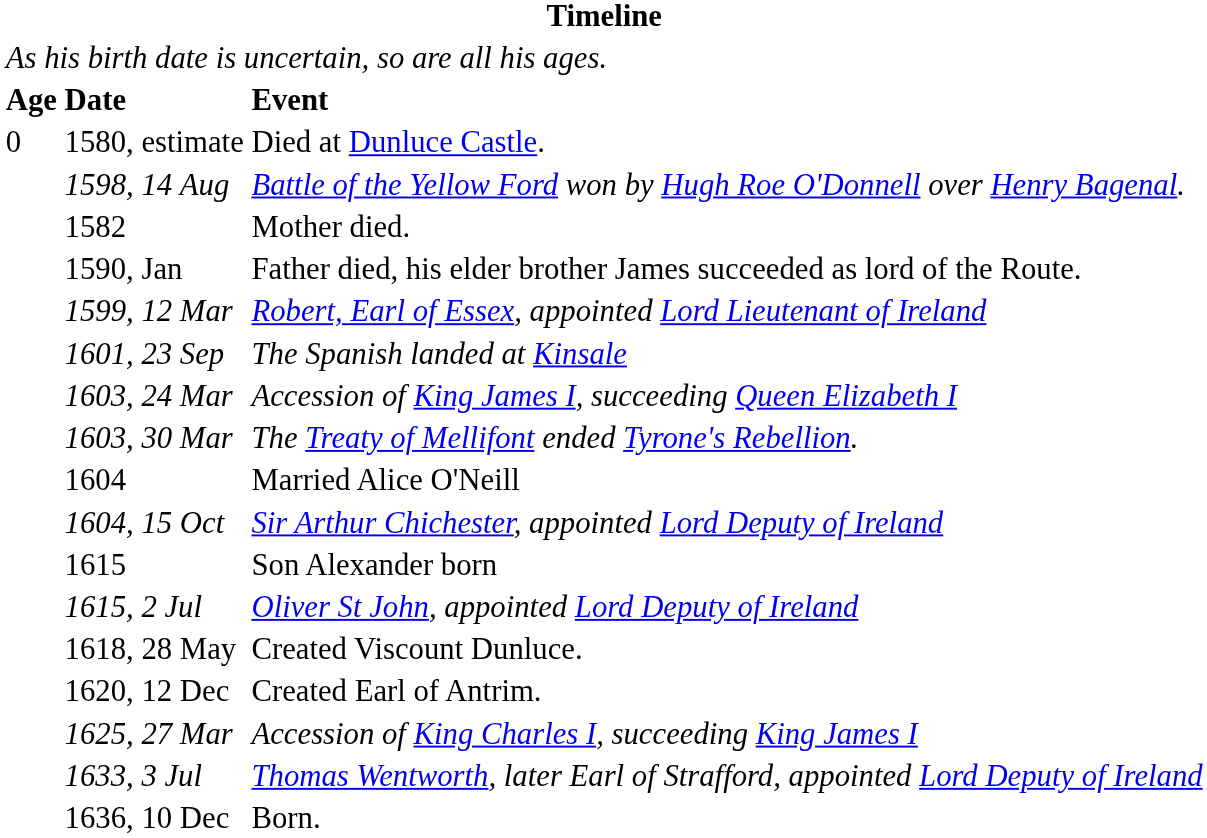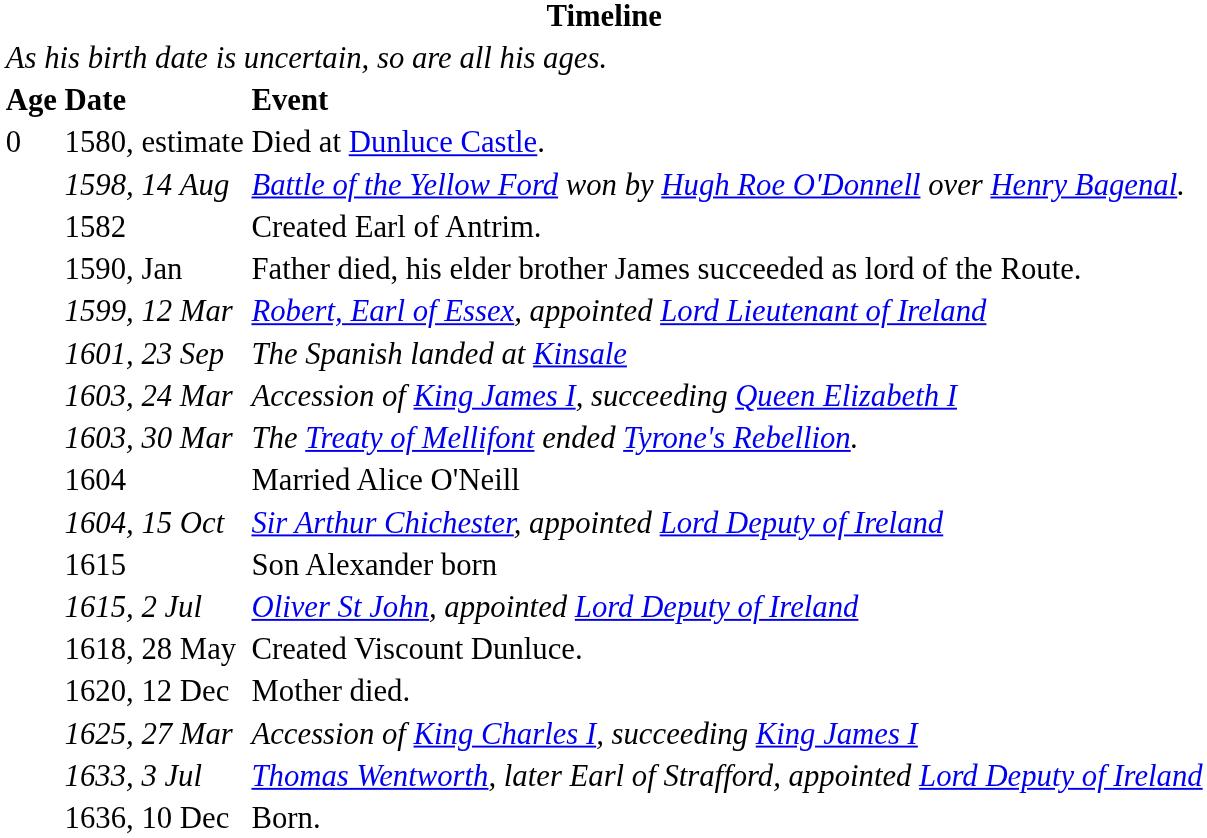 <table>
 <tr>
 <th colspan=3>Timeline</th>
 </tr>
 <tr>
 <td colspan=3><em>As his birth date is uncertain, so are all his ages.</em></td>
 </tr>
 <tr>
 <th align="left">Age</th>
 <th align="left">Date</th>
 <th align="left">Event</th>
 </tr>
 <tr>
 <td>0</td>
 <td>1580, estimate</td>
 <td>Died at <a href='#'>Dunluce Castle</a>.</td>
 </tr>
 <tr>
 <td></td>
 <td><em>1598, 14 Aug</em></td>
 <td><em><a href='#'>Battle of the Yellow Ford</a> won by <a href='#'>Hugh Roe O'Donnell</a> over <a href='#'>Henry Bagenal</a>.</em></td>
 </tr>
 <tr>
 <td></td>
 <td>1582</td>
-<td>Mother died.</td>
+<td>Created Earl of Antrim.</td>
 </tr>
 <tr>
 <td></td>
 <td>1590, Jan</td>
 <td>Father died, his elder brother James succeeded as lord of the Route.</td>
 </tr>
 <tr>
 <td></td>
 <td><em>1599, 12 Mar</em></td>
 <td><em><a href='#'>Robert, Earl of Essex</a>, appointed <a href='#'>Lord Lieutenant of Ireland</a></em></td>
 </tr>
 <tr>
 <td></td>
 <td><em>1601, 23 Sep</em></td>
 <td><em>The Spanish landed at <a href='#'>Kinsale</a></em></td>
 </tr>
 <tr>
 <td></td>
 <td><em>1603, 24 Mar</em></td>
 <td><em>Accession of <a href='#'>King James I</a>, succeeding <a href='#'>Queen Elizabeth I</a></em></td>
 </tr>
 <tr>
 <td></td>
 <td><em>1603, 30 Mar</em></td>
 <td><em>The <a href='#'>Treaty of Mellifont</a> ended <a href='#'>Tyrone's Rebellion</a>.</em></td>
 </tr>
 <tr>
 <td></td>
 <td>1604</td>
 <td>Married Alice O'Neill</td>
 </tr>
 <tr>
 <td></td>
 <td><em>1604, 15 Oct</em></td>
 <td><em><a href='#'>Sir Arthur Chichester</a>, appointed <a href='#'>Lord Deputy of Ireland</a></em></td>
 </tr>
 <tr>
 <td></td>
 <td>1615</td>
 <td>Son Alexander born</td>
 </tr>
 <tr>
 <td></td>
 <td><em>1615, 2 Jul</em></td>
 <td><em><a href='#'>Oliver St John</a>, appointed <a href='#'>Lord Deputy of Ireland</a></em></td>
 </tr>
 <tr>
 <td></td>
 <td>1618, 28 May</td>
 <td>Created Viscount Dunluce.</td>
 </tr>
 <tr>
 <td></td>
 <td>1620, 12 Dec</td>
-<td>Created Earl of Antrim.</td>
+<td>Mother died.</td>
 </tr>
 <tr>
 <td></td>
 <td><em>1625, 27 Mar</em></td>
 <td><em>Accession of <a href='#'>King Charles I</a>, succeeding <a href='#'>King James I</a></em></td>
 </tr>
 <tr>
 <td></td>
 <td><em>1633, 3 Jul</em></td>
 <td><em><a href='#'>Thomas Wentworth</a>, later Earl of Strafford, appointed <a href='#'>Lord Deputy of Ireland</a></em></td>
 </tr>
 <tr>
 <td></td>
 <td>1636, 10 Dec</td>
 <td>Born.</td>
 </tr>
 </table>
